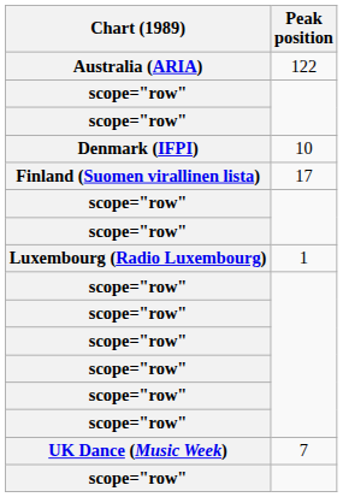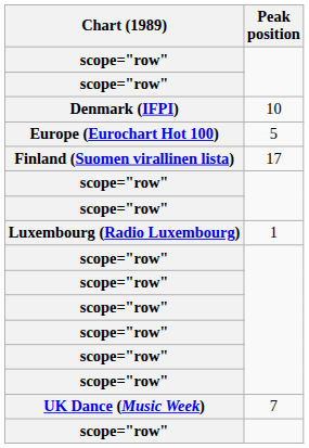 <table class="wikitable sortable plainrowheaders">
 <tr>
 <th>Chart (1989)</th>
 <th>Peak<br>position</th>
-</tr>
-<tr>
-<th scope="row">Australia (<a href='#'>ARIA</a>)</th>
-<td align="center">122</td>
 </tr>
 <tr>
 <th>scope="row"</th>
 </tr>
 <tr>
 <th>scope="row"</th>
 </tr>
 <tr>
 <th scope="row">Denmark (<a href='#'>IFPI</a>)</th>
 <td align="center">10</td>
+</tr>
+<tr>
+<th scope="row">Europe (<a href='#'>Eurochart Hot 100</a>)</th>
+<td align="center">5</td>
 </tr>
 <tr>
 <th scope="row">Finland (<a href='#'>Suomen virallinen lista</a>)</th>
 <td align="center">17</td>
 </tr>
 <tr>
 <th>scope="row"</th>
 </tr>
 <tr>
 <th>scope="row"</th>
 </tr>
 <tr>
 <th scope="row">Luxembourg (<a href='#'>Radio Luxembourg</a>)</th>
 <td align="center">1</td>
 </tr>
 <tr>
 <th>scope="row"</th>
 </tr>
 <tr>
 <th>scope="row"</th>
 </tr>
 <tr>
 <th>scope="row"</th>
 </tr>
 <tr>
 <th>scope="row"</th>
 </tr>
 <tr>
 <th>scope="row"</th>
 </tr>
 <tr>
 <th>scope="row"</th>
 </tr>
 <tr>
 <th scope="row"><a href='#'>UK Dance</a> (<em><a href='#'>Music Week</a></em>)</th>
 <td align="center">7</td>
 </tr>
 <tr>
 <th>scope="row"</th>
 </tr>
 </table>
